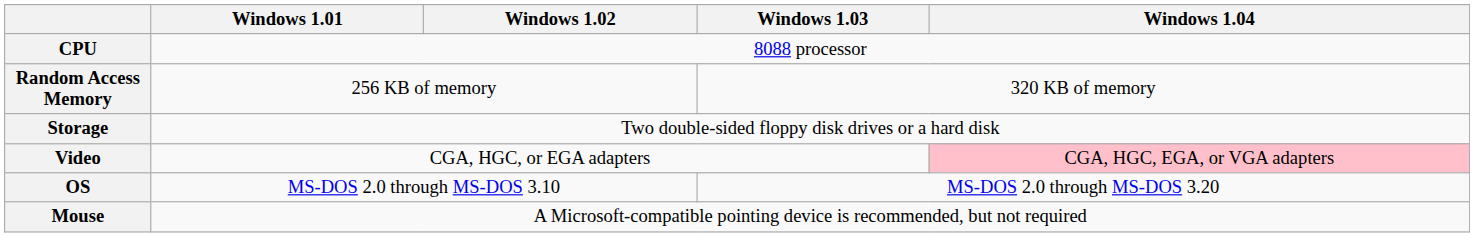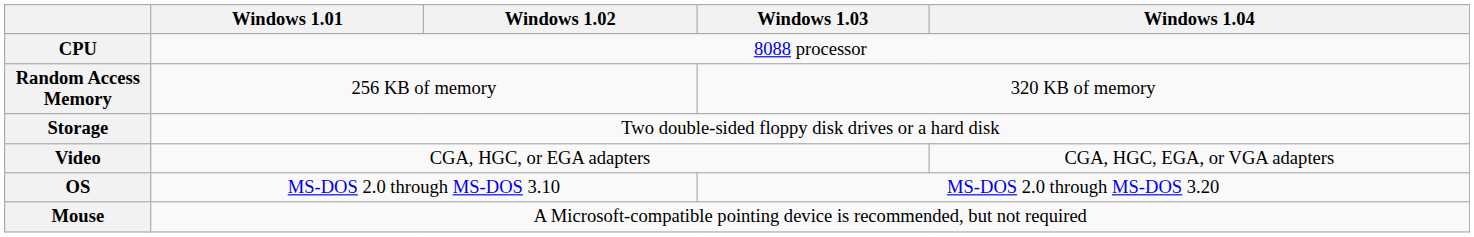 <table class="wikitable" style="text-align:center; width:100%">
 <tr>
 <th style="width: 10%;"></th>
 <th>Windows 1.01</th>
 <th>Windows 1.02</th>
 <th>Windows 1.03</th>
 <th>Windows 1.04</th>
 </tr>
 <tr>
 <th>CPU</th>
 <td colspan=4><a href='#'>8088</a> processor</td>
 </tr>
 <tr>
 <th>Random Access Memory</th>
 <td colspan=2>256 KB of memory</td>
 <td colspan=2>320 KB of memory</td>
 </tr>
 <tr>
 <th>Storage</th>
 <td colspan=4>Two double-sided floppy disk drives or a hard disk</td>
 </tr>
 <tr>
 <th>Video</th>
 <td colspan=3>CGA, HGC, or EGA adapters</td>
-<td style="background: pink;">CGA, HGC, EGA, or VGA adapters</td>
+<td>CGA, HGC, EGA, or VGA adapters</td>
 </tr>
 <tr>
 <th>OS</th>
 <td colspan="2"><a href='#'>MS-DOS</a> 2.0 through <a href='#'>MS-DOS</a> 3.10</td>
 <td colspan="2"><a href='#'>MS-DOS</a> 2.0 through <a href='#'>MS-DOS</a> 3.20</td>
 </tr>
 <tr>
 <th>Mouse</th>
 <td colspan=4>A Microsoft-compatible pointing device is recommended, but not required</td>
 </tr>
 </table>
